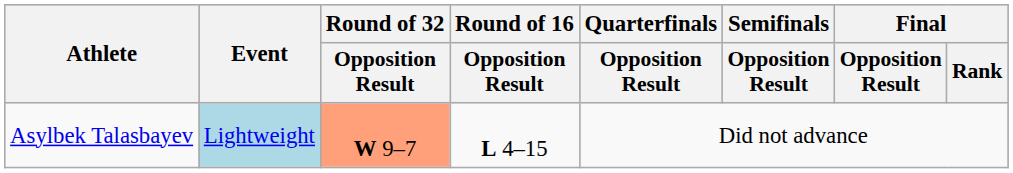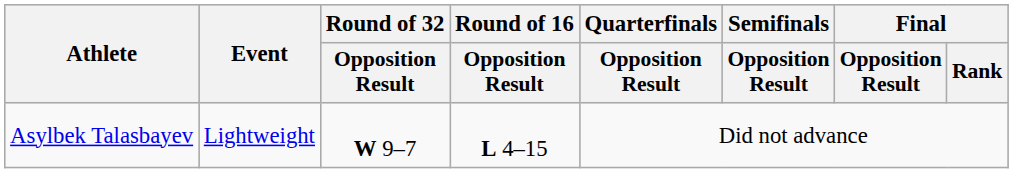 <table class="wikitable" style="font-size:90%">
 <tr>
 <th rowspan="2">Athlete</th>
 <th rowspan="2">Event</th>
 <th>Round of 32</th>
 <th>Round of 16</th>
 <th>Quarterfinals</th>
 <th>Semifinals</th>
 <th colspan=2>Final</th>
 </tr>
 <tr style="font-size:95%">
 <th>Opposition<br>Result</th>
 <th>Opposition<br>Result</th>
 <th>Opposition<br>Result</th>
 <th>Opposition<br>Result</th>
 <th>Opposition<br>Result</th>
 <th>Rank</th>
 </tr>
 <tr align=center>
 <td align=left><a href='#'>Asylbek Talasbayev</a></td>
-<td align=left style="background: lightblue;"><a href='#'>Lightweight</a></td>
-<td style="background: lightsalmon;"> <br> <strong>W</strong> 9–7</td>
+<td align=left><a href='#'>Lightweight</a></td>
+<td> <br> <strong>W</strong> 9–7</td>
 <td><br><strong>L</strong> 4–15</td>
 <td colspan=4>Did not advance</td>
 </tr>
 </table>
